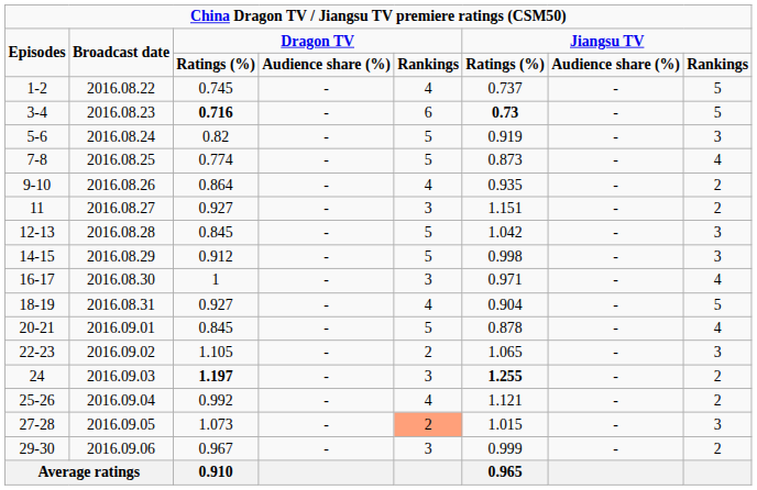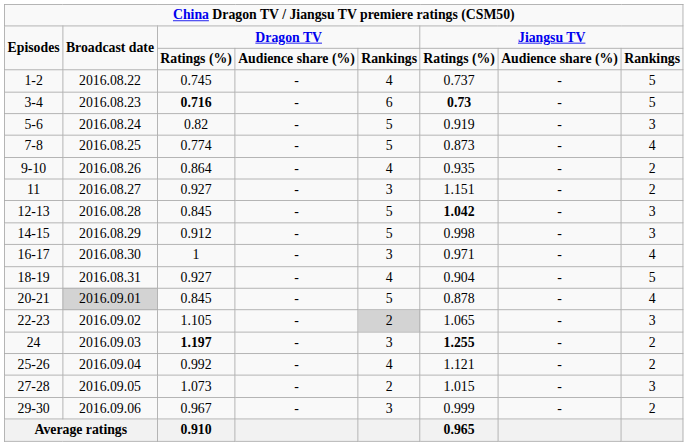 <table class="wikitable sortable mw-collapsible jquery-tablesorter" style="text-align:center">
 <tr>
 <td colspan="11"><strong><a href='#'>China</a> Dragon TV / Jiangsu TV premiere ratings (CSM50)</strong></td>
 </tr>
 <tr>
 <td rowspan="2"><strong>Episodes</strong></td>
 <td rowspan="2"><strong>Broadcast date</strong></td>
 <td colspan="3"><strong><a href='#'>Dragon TV</a></strong></td>
 <td colspan="3"><strong><a href='#'>Jiangsu TV</a></strong></td>
 </tr>
 <tr>
 <td><strong>Ratings (%)</strong></td>
 <td><strong>Audience share (%)</strong></td>
 <td><strong>Rankings</strong></td>
 <td><strong>Ratings (%)</strong></td>
 <td><strong>Audience share (%)</strong></td>
 <td><strong>Rankings</strong></td>
 </tr>
 <tr>
 <td>1-2</td>
 <td>2016.08.22</td>
 <td>0.745</td>
 <td>-</td>
 <td>4</td>
 <td>0.737</td>
 <td>-</td>
 <td>5</td>
 </tr>
 <tr>
 <td>3-4</td>
 <td>2016.08.23</td>
 <td><strong><span>0.716</span></strong></td>
 <td>-</td>
 <td>6</td>
 <td><strong><span>0.73</span></strong></td>
 <td>-</td>
 <td>5</td>
 </tr>
 <tr>
 <td>5-6</td>
 <td>2016.08.24</td>
 <td>0.82</td>
 <td>-</td>
 <td>5</td>
 <td>0.919</td>
 <td>-</td>
 <td>3</td>
 </tr>
 <tr>
 <td>7-8</td>
 <td>2016.08.25</td>
 <td>0.774</td>
 <td>-</td>
 <td>5</td>
 <td>0.873</td>
 <td>-</td>
 <td>4</td>
 </tr>
 <tr>
 <td>9-10</td>
 <td>2016.08.26</td>
 <td>0.864</td>
 <td>-</td>
 <td>4</td>
 <td>0.935</td>
 <td>-</td>
 <td>2</td>
 </tr>
 <tr>
 <td>11</td>
 <td>2016.08.27</td>
 <td>0.927</td>
 <td>-</td>
 <td>3</td>
 <td>1.151</td>
 <td>-</td>
 <td>2</td>
 </tr>
 <tr>
 <td>12-13</td>
 <td>2016.08.28</td>
 <td>0.845</td>
 <td>-</td>
 <td>5</td>
-<td>1.042</td>
+<td><strong>1.042</strong></td>
 <td>-</td>
 <td>3</td>
 </tr>
 <tr>
 <td>14-15</td>
 <td>2016.08.29</td>
 <td>0.912</td>
 <td>-</td>
 <td>5</td>
 <td>0.998</td>
 <td>-</td>
 <td>3</td>
 </tr>
 <tr>
 <td>16-17</td>
 <td>2016.08.30</td>
 <td>1</td>
 <td>-</td>
 <td>3</td>
 <td>0.971</td>
 <td>-</td>
 <td>4</td>
 </tr>
 <tr>
 <td>18-19</td>
 <td>2016.08.31</td>
 <td>0.927</td>
 <td>-</td>
 <td>4</td>
 <td>0.904</td>
 <td>-</td>
 <td>5</td>
 </tr>
 <tr>
 <td>20-21</td>
-<td>2016.09.01</td>
+<td style="background: lightgrey;">2016.09.01</td>
 <td>0.845</td>
 <td>-</td>
 <td>5</td>
 <td>0.878</td>
 <td>-</td>
 <td>4</td>
 </tr>
 <tr>
 <td>22-23</td>
 <td>2016.09.02</td>
 <td>1.105</td>
 <td>-</td>
-<td>2</td>
+<td style="background: lightgrey;">2</td>
 <td>1.065</td>
 <td>-</td>
 <td>3</td>
 </tr>
 <tr>
 <td>24</td>
 <td>2016.09.03</td>
 <td><strong><span>1.197</span></strong></td>
 <td>-</td>
 <td>3</td>
 <td><strong><span>1.255</span></strong></td>
 <td>-</td>
 <td>2</td>
 </tr>
 <tr>
 <td>25-26</td>
 <td>2016.09.04</td>
 <td>0.992</td>
 <td>-</td>
 <td>4</td>
 <td>1.121</td>
 <td>-</td>
 <td>2</td>
 </tr>
 <tr>
 <td>27-28</td>
 <td>2016.09.05</td>
 <td>1.073</td>
 <td>-</td>
-<td style="background: lightsalmon;">2</td>
+<td>2</td>
 <td>1.015</td>
 <td>-</td>
 <td>3</td>
 </tr>
 <tr>
 <td>29-30</td>
 <td>2016.09.06</td>
 <td>0.967</td>
 <td>-</td>
 <td>3</td>
 <td>0.999</td>
 <td>-</td>
 <td>2</td>
 </tr>
 <tr>
 <th colspan="2">Average ratings</th>
 <th>0.910</th>
 <th></th>
 <th></th>
 <th>0.965</th>
 <th></th>
 <th></th>
 </tr>
 </table>
